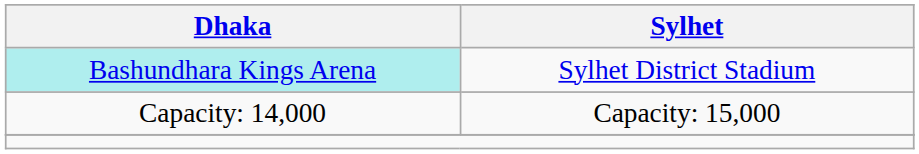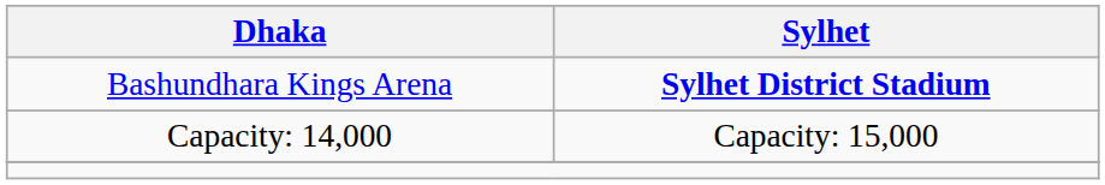 <table class="wikitable" style="text-align:center; margin:1em auto;">
 <tr>
 <th width="33%"><a href='#'>Dhaka</a></th>
 <th width="33%"><a href='#'>Sylhet</a></th>
 </tr>
 <tr>
-<td style="background: paleturquoise;"><a href='#'>Bashundhara Kings Arena</a></td>
-<td><a href='#'>Sylhet District Stadium</a></td>
+<td><a href='#'>Bashundhara Kings Arena</a></td>
+<td><strong><a href='#'>Sylhet District Stadium</a></strong></td>
 </tr>
 <tr>
 <td>Capacity: 14,000</td>
 <td>Capacity: 15,000</td>
 </tr>
 <tr>
 </tr>
 <tr>
 <td colspan=3></td>
 </tr>
 </table>
